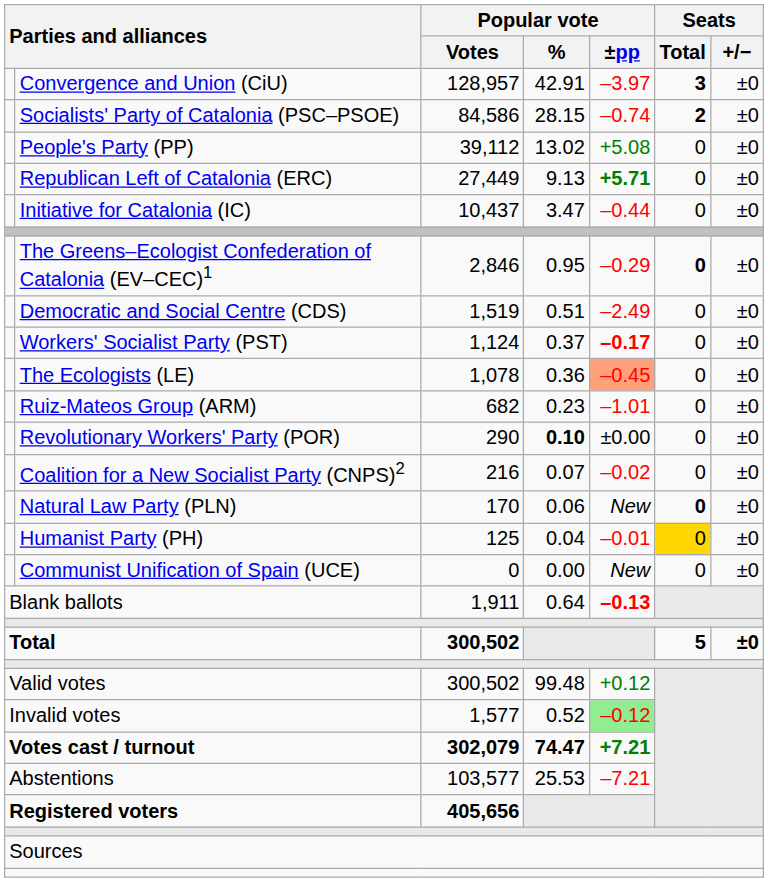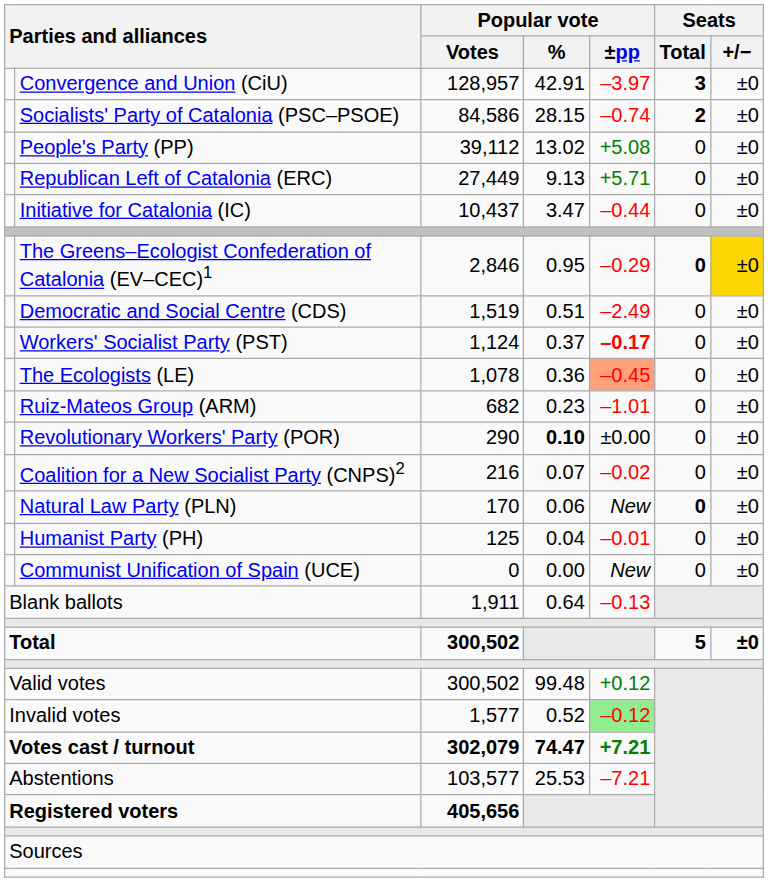 <table class="wikitable" style="text-align:right;">
 <tr>
 <th style="text-align:left;" rowspan="2" colspan="2" width="525">Parties and alliances</th>
 <th colspan="3">Popular vote</th>
 <th colspan="2">Seats</th>
 </tr>
 <tr>
 <th width="75">Votes</th>
 <th width="45">%</th>
 <th width="45">±<a href='#'>pp</a></th>
 <th width="35">Total</th>
 <th width="35">+/−</th>
 </tr>
 <tr>
 <td width="1" style="color:inherit;background:"></td>
 <td align="left"><a href='#'>Convergence and Union</a> (CiU)</td>
 <td>128,957</td>
 <td>42.91</td>
 <td style="color:red;">–3.97</td>
 <td><strong>3</strong></td>
 <td>±0</td>
 </tr>
 <tr>
 <td style="color:inherit;background:"></td>
 <td align="left"><a href='#'>Socialists' Party of Catalonia</a> (PSC–PSOE)</td>
 <td>84,586</td>
 <td>28.15</td>
 <td style="color:red;">–0.74</td>
 <td><strong>2</strong></td>
 <td>±0</td>
 </tr>
 <tr>
 <td style="color:inherit;background:"></td>
 <td align="left"><a href='#'>People's Party</a> (PP)</td>
 <td>39,112</td>
 <td>13.02</td>
 <td style="color:green;">+5.08</td>
 <td>0</td>
 <td>±0</td>
 </tr>
 <tr>
 <td style="color:inherit;background:"></td>
 <td align="left"><a href='#'>Republican Left of Catalonia</a> (ERC)</td>
 <td>27,449</td>
 <td>9.13</td>
-<td style="color:green;"><strong>+5.71</strong></td>
+<td style="color:green;">+5.71</td>
 <td>0</td>
 <td>±0</td>
 </tr>
 <tr>
 <td style="color:inherit;background:"></td>
 <td align="left"><a href='#'>Initiative for Catalonia</a> (IC)</td>
 <td>10,437</td>
 <td>3.47</td>
 <td style="color:red;">–0.44</td>
 <td>0</td>
 <td>±0</td>
 </tr>
 <tr>
 <td colspan="7" bgcolor="#C0C0C0"></td>
 </tr>
 <tr>
 <td style="color:inherit;background:"></td>
 <td align="left"><a href='#'>The Greens–Ecologist Confederation of Catalonia</a> (EV–CEC)<sup>1</sup></td>
 <td>2,846</td>
 <td>0.95</td>
 <td style="color:red;">–0.29</td>
 <td><strong>0</strong></td>
-<td>±0</td>
+<td style="background: gold;">±0</td>
 </tr>
 <tr>
 <td style="color:inherit;background:"></td>
 <td align="left"><a href='#'>Democratic and Social Centre</a> (CDS)</td>
 <td>1,519</td>
 <td>0.51</td>
 <td style="color:red;">–2.49</td>
 <td>0</td>
 <td>±0</td>
 </tr>
 <tr>
 <td style="color:inherit;background:"></td>
 <td align="left"><a href='#'>Workers' Socialist Party</a> (PST)</td>
 <td>1,124</td>
 <td>0.37</td>
 <td style="color:red;"><strong>–0.17</strong></td>
 <td>0</td>
 <td>±0</td>
 </tr>
 <tr>
 <td style="color:inherit;background:"></td>
 <td align="left"><a href='#'>The Ecologists</a> (LE)</td>
 <td>1,078</td>
 <td>0.36</td>
 <td style="background: lightsalmon; color:red;">–0.45</td>
 <td>0</td>
 <td>±0</td>
 </tr>
 <tr>
 <td style="color:inherit;background:"></td>
 <td align="left"><a href='#'>Ruiz-Mateos Group</a> (ARM)</td>
 <td>682</td>
 <td>0.23</td>
 <td style="color:red;">–1.01</td>
 <td>0</td>
 <td>±0</td>
 </tr>
 <tr>
 <td style="color:inherit;background:"></td>
 <td align="left"><a href='#'>Revolutionary Workers' Party</a> (POR)</td>
 <td>290</td>
 <td><strong>0.10</strong></td>
 <td>±0.00</td>
 <td>0</td>
 <td>±0</td>
 </tr>
 <tr>
 <td style="color:inherit;background:"></td>
 <td align="left"><a href='#'>Coalition for a New Socialist Party</a> (CNPS)<sup>2</sup></td>
 <td>216</td>
 <td>0.07</td>
 <td style="color:red;">–0.02</td>
 <td>0</td>
 <td>±0</td>
 </tr>
 <tr>
 <td style="color:inherit;background:"></td>
 <td align="left"><a href='#'>Natural Law Party</a> (PLN)</td>
 <td>170</td>
 <td>0.06</td>
 <td><em>New</em></td>
 <td><strong>0</strong></td>
 <td>±0</td>
 </tr>
 <tr>
 <td style="color:inherit;background:"></td>
 <td align="left"><a href='#'>Humanist Party</a> (PH)</td>
 <td>125</td>
 <td>0.04</td>
 <td style="color:red;">–0.01</td>
-<td style="background: gold;">0</td>
+<td>0</td>
 <td>±0</td>
 </tr>
 <tr>
 <td style="color:inherit;background:"></td>
 <td align="left"><a href='#'>Communist Unification of Spain</a> (UCE)</td>
 <td>0</td>
 <td>0.00</td>
 <td><em>New</em></td>
 <td>0</td>
 <td>±0</td>
 </tr>
 <tr>
 <td align="left" colspan="2">Blank ballots</td>
 <td>1,911</td>
 <td>0.64</td>
-<td style="color:red;"><strong>–0.13</strong></td>
+<td style="color:red;">–0.13</td>
 <td bgcolor="#E9E9E9" colspan="2"></td>
 </tr>
 <tr>
 <td colspan="7" bgcolor="#E9E9E9"></td>
 </tr>
 <tr style="font-weight:bold;">
 <td align="left" colspan="2">Total</td>
 <td>300,502</td>
 <td bgcolor="#E9E9E9" colspan="2"></td>
 <td>5</td>
 <td>±0</td>
 </tr>
 <tr>
 <td colspan="7" bgcolor="#E9E9E9"></td>
 </tr>
 <tr>
 <td align="left" colspan="2">Valid votes</td>
 <td>300,502</td>
 <td>99.48</td>
 <td style="color:green;">+0.12</td>
 <td bgcolor="#E9E9E9" colspan="2" rowspan="5"></td>
 </tr>
 <tr>
 <td align="left" colspan="2">Invalid votes</td>
 <td>1,577</td>
 <td>0.52</td>
 <td style="background: lightgreen; color:red;">–0.12</td>
 </tr>
 <tr style="font-weight:bold;">
 <td align="left" colspan="2">Votes cast / turnout</td>
 <td>302,079</td>
 <td>74.47</td>
 <td style="color:green;">+7.21</td>
 </tr>
 <tr>
 <td align="left" colspan="2">Abstentions</td>
 <td>103,577</td>
 <td>25.53</td>
 <td style="color:red;">–7.21</td>
 </tr>
 <tr style="font-weight:bold;">
 <td align="left" colspan="2">Registered voters</td>
 <td>405,656</td>
 <td bgcolor="#E9E9E9" colspan="2"></td>
 </tr>
 <tr>
 <td colspan="7" bgcolor="#E9E9E9"></td>
 </tr>
 <tr>
 <td align="left" colspan="7">Sources</td>
 </tr>
 <tr>
 <td colspan="7" style="text-align:left; max-width:790px;"></td>
 </tr>
 </table>
